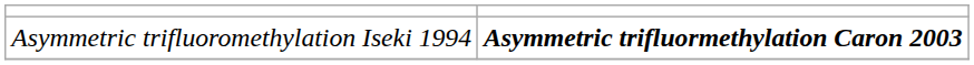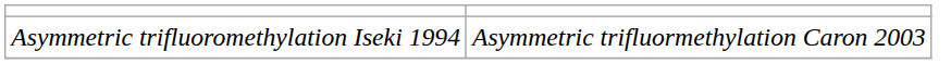 <table align="center"  class="wikitable" style="background-color:white;">
 <tr>
 <td></td>
 <td></td>
 </tr>
 <tr>
 <td><em>Asymmetric trifluoromethylation Iseki 1994</em></td>
-<td><strong><em>Asymmetric trifluormethylation Caron 2003</em></strong></td>
+<td><em>Asymmetric trifluormethylation Caron 2003</em></td>
 </tr>
 <tr shin>
 </tr>
 </table>
